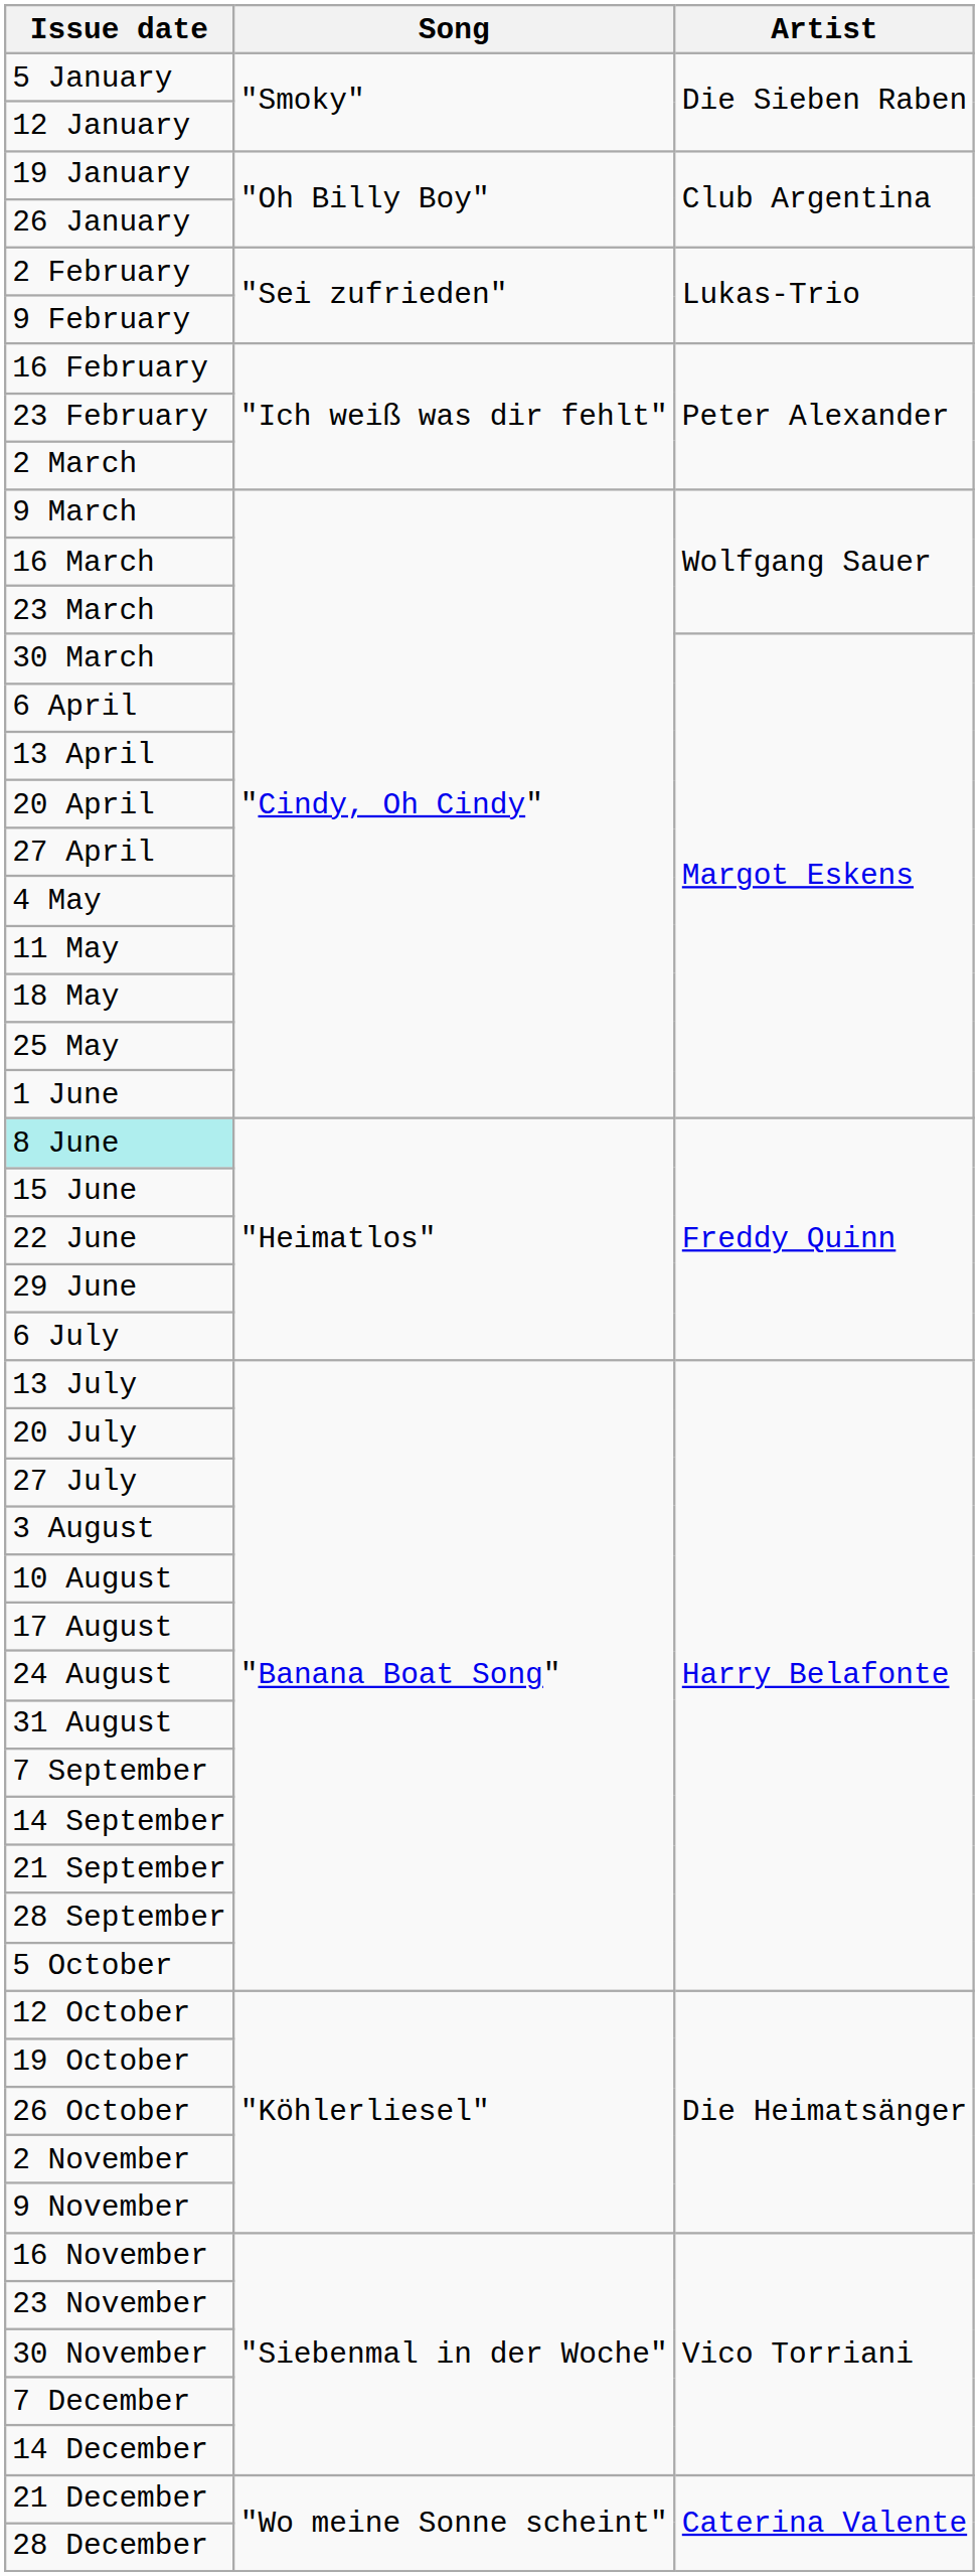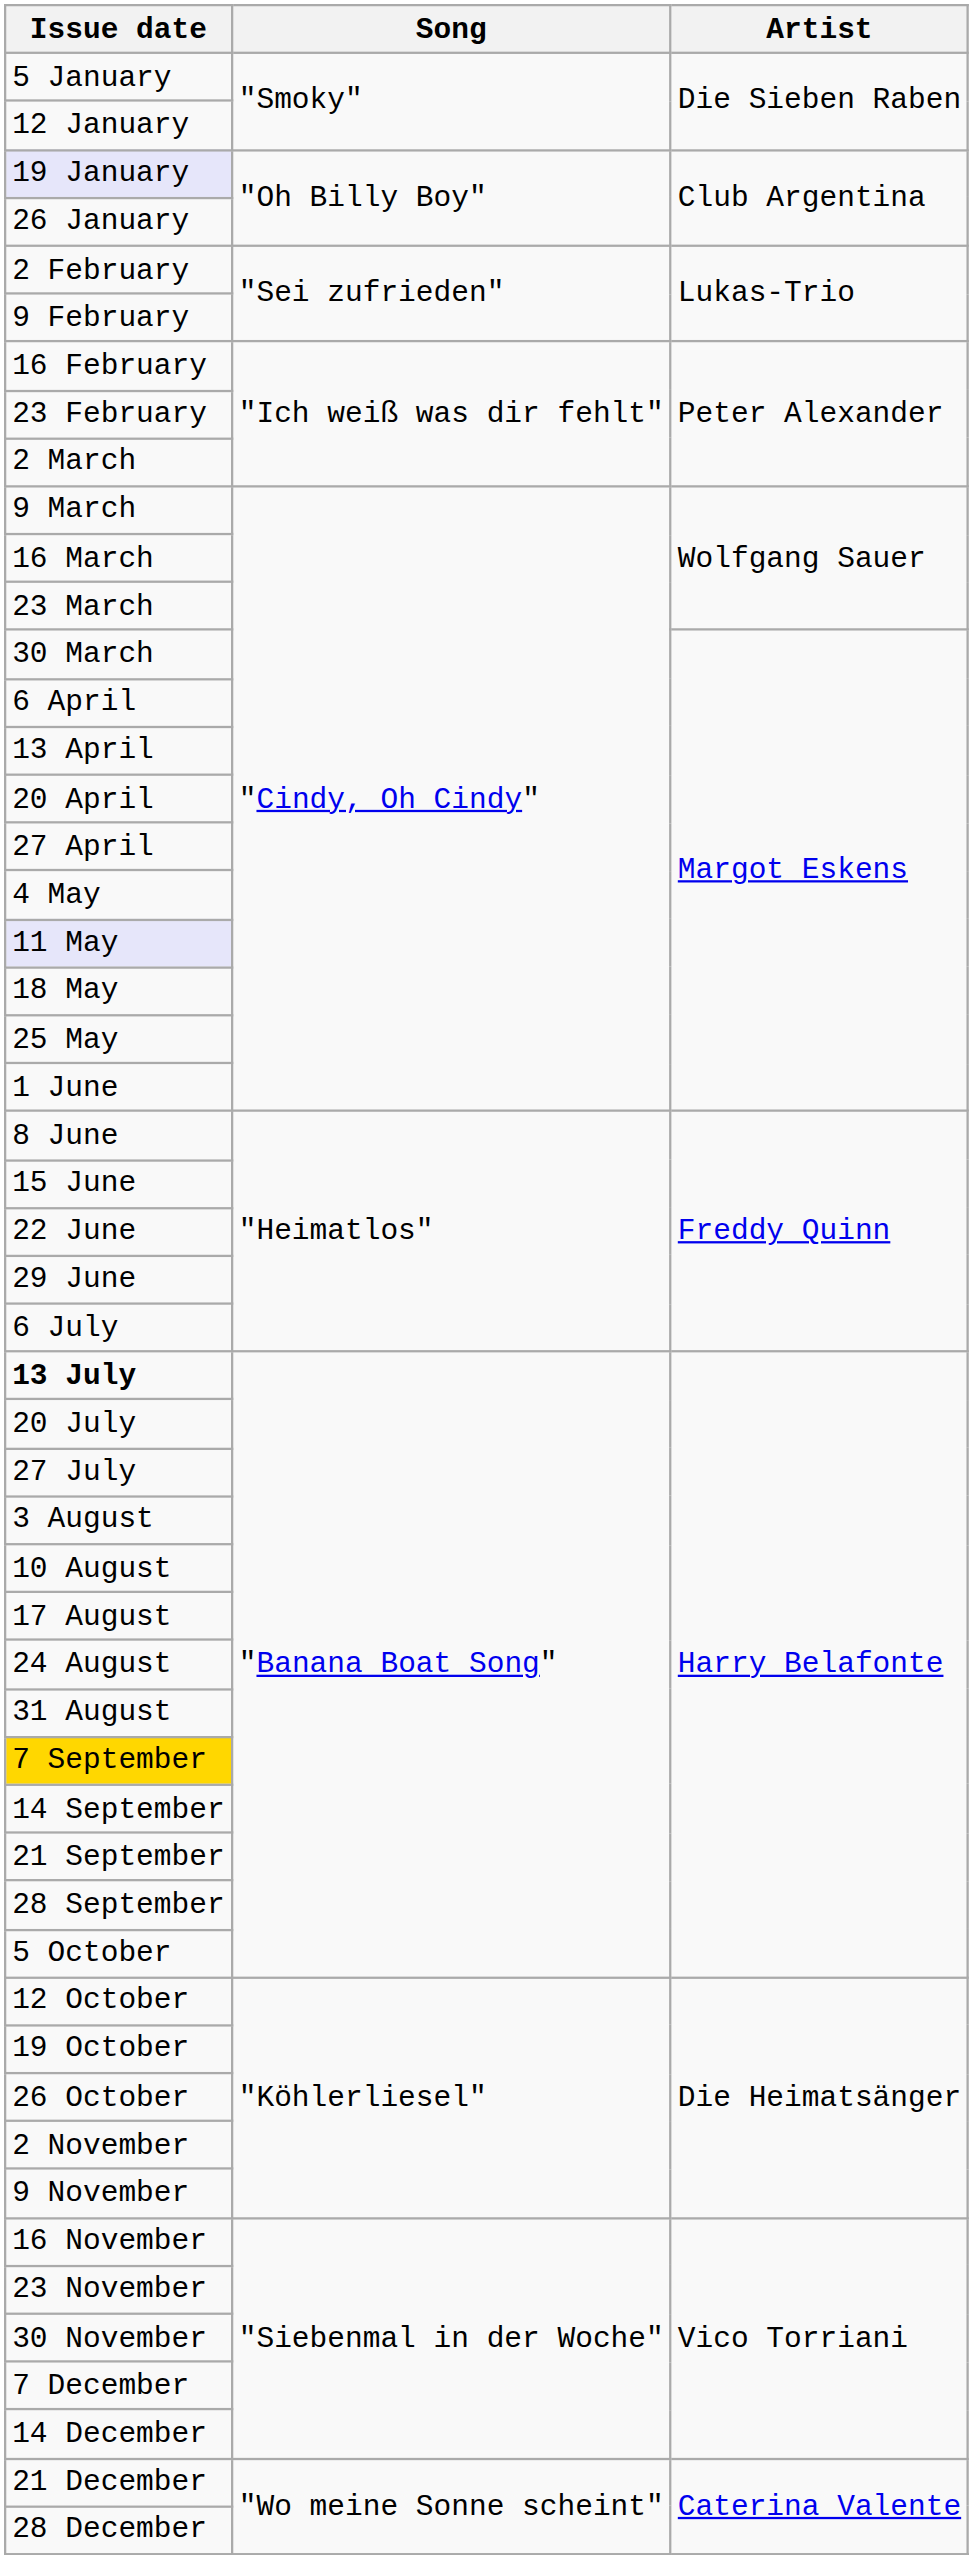 <table class="sortable wikitable">
 <tr>
 <th>Issue date</th>
 <th>Song</th>
 <th>Artist</th>
 </tr>
 <tr>
 <td>5 January</td>
 <td rowspan="2">"Smoky"</td>
 <td rowspan="2">Die Sieben Raben</td>
 </tr>
 <tr>
 <td>12 January</td>
 </tr>
 <tr>
-<td>19 January</td>
+<td style="background: lavender;">19 January</td>
 <td rowspan="2">"Oh Billy Boy"</td>
 <td rowspan="2">Club Argentina</td>
 </tr>
 <tr>
 <td>26 January</td>
 </tr>
 <tr>
 <td>2 February</td>
 <td rowspan="2">"Sei zufrieden"</td>
 <td rowspan="2">Lukas-Trio</td>
 </tr>
 <tr>
 <td>9 February</td>
 </tr>
 <tr>
 <td>16 February</td>
 <td rowspan="3">"Ich weiß was dir fehlt"</td>
 <td rowspan="3">Peter Alexander</td>
 </tr>
 <tr>
 <td>23 February</td>
 </tr>
 <tr>
 <td>2 March</td>
 </tr>
 <tr>
 <td>9 March</td>
 <td rowspan="13">"<a href='#'>Cindy, Oh Cindy</a>"</td>
 <td rowspan="3">Wolfgang Sauer</td>
 </tr>
 <tr>
 <td>16 March</td>
 </tr>
 <tr>
 <td>23 March</td>
 </tr>
 <tr>
 <td>30 March</td>
 <td rowspan="10"><a href='#'>Margot Eskens</a></td>
 </tr>
 <tr>
 <td>6 April</td>
 </tr>
 <tr>
 <td>13 April</td>
 </tr>
 <tr>
 <td>20 April</td>
 </tr>
 <tr>
 <td>27 April</td>
 </tr>
 <tr>
 <td>4 May</td>
 </tr>
 <tr>
-<td>11 May</td>
+<td style="background: lavender;">11 May</td>
 </tr>
 <tr>
 <td>18 May</td>
 </tr>
 <tr>
 <td>25 May</td>
 </tr>
 <tr>
 <td>1 June</td>
 </tr>
 <tr>
-<td style="background: paleturquoise;">8 June</td>
+<td>8 June</td>
 <td rowspan="5">"Heimatlos"</td>
 <td rowspan="5"><a href='#'>Freddy Quinn</a></td>
 </tr>
 <tr>
 <td>15 June</td>
 </tr>
 <tr>
 <td>22 June</td>
 </tr>
 <tr>
 <td>29 June</td>
 </tr>
 <tr>
 <td>6 July</td>
 </tr>
 <tr>
-<td>13 July</td>
+<td><strong>13 July</strong></td>
 <td rowspan="13">"<a href='#'>Banana Boat Song</a>"</td>
 <td rowspan="13"><a href='#'>Harry Belafonte</a></td>
 </tr>
 <tr>
 <td>20 July</td>
 </tr>
 <tr>
 <td>27 July</td>
 </tr>
 <tr>
 <td>3 August</td>
 </tr>
 <tr>
 <td>10 August</td>
 </tr>
 <tr>
 <td>17 August</td>
 </tr>
 <tr>
 <td>24 August</td>
 </tr>
 <tr>
 <td>31 August</td>
 </tr>
 <tr>
-<td>7 September</td>
+<td style="background: gold;">7 September</td>
 </tr>
 <tr>
 <td>14 September</td>
 </tr>
 <tr>
 <td>21 September</td>
 </tr>
 <tr>
 <td>28 September</td>
 </tr>
 <tr>
 <td>5 October</td>
 </tr>
 <tr>
 <td>12 October</td>
 <td rowspan="5">"Köhlerliesel"</td>
 <td rowspan="5">Die Heimatsänger</td>
 </tr>
 <tr>
 <td>19 October</td>
 </tr>
 <tr>
 <td>26 October</td>
 </tr>
 <tr>
 <td>2 November</td>
 </tr>
 <tr>
 <td>9 November</td>
 </tr>
 <tr>
 <td>16 November</td>
 <td rowspan="5">"Siebenmal in der Woche"</td>
 <td rowspan="5">Vico Torriani</td>
 </tr>
 <tr>
 <td>23 November</td>
 </tr>
 <tr>
 <td>30 November</td>
 </tr>
 <tr>
 <td>7 December</td>
 </tr>
 <tr>
 <td>14 December</td>
 </tr>
 <tr>
 <td>21 December</td>
 <td rowspan="2">"Wo meine Sonne scheint"</td>
 <td rowspan="2"><a href='#'>Caterina Valente</a></td>
 </tr>
 <tr>
 <td>28 December</td>
 </tr>
 <tr>
 </tr>
 </table>
